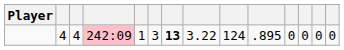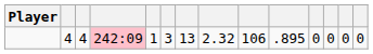 <table class="wikitable sortable" style="text-align:center;">
 <tr>
 <th>Player</th>
 <th></th>
 <th></th>
 <th></th>
 <th></th>
 <th></th>
 <th></th>
 <th></th>
 <th></th>
 <th></th>
 <th></th>
 <th></th>
 <th></th>
 <th></th>
 </tr>
 <tr>
 <td></td>
 <td>4</td>
 <td>4</td>
 <td style="background: pink;">242:09</td>
 <td>1</td>
 <td>3</td>
-<td><strong>13</strong></td>
-<td>3.22</td>
-<td>124</td>
+<td>13</td>
+<td>2.32</td>
+<td>106</td>
 <td>.895</td>
 <td>0</td>
 <td>0</td>
 <td>0</td>
 <td>0</td>
 </tr>
 </table>
